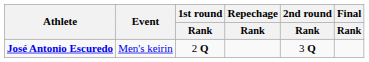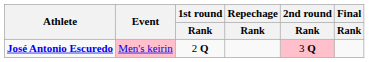 <table class=wikitable style="font-size:90%">
 <tr>
 <th rowspan="2">Athlete</th>
 <th rowspan="2">Event</th>
 <th>1st round</th>
 <th>Repechage</th>
 <th>2nd round</th>
 <th>Final</th>
 </tr>
 <tr style="font-size:95%">
 <th>Rank</th>
 <th>Rank</th>
 <th>Rank</th>
 <th>Rank</th>
 </tr>
 <tr align=center>
 <td align=left><strong><a href='#'>José Antonio Escuredo</a></strong></td>
-<td align=left><a href='#'>Men's keirin</a></td>
+<td align=left style="background: pink;"><a href='#'>Men's keirin</a></td>
 <td>2 <strong>Q</strong></td>
 <td></td>
-<td>3 <strong>Q</strong></td>
+<td style="background: pink;">3 <strong>Q</strong></td>
 <td></td>
 </tr>
 </table>
